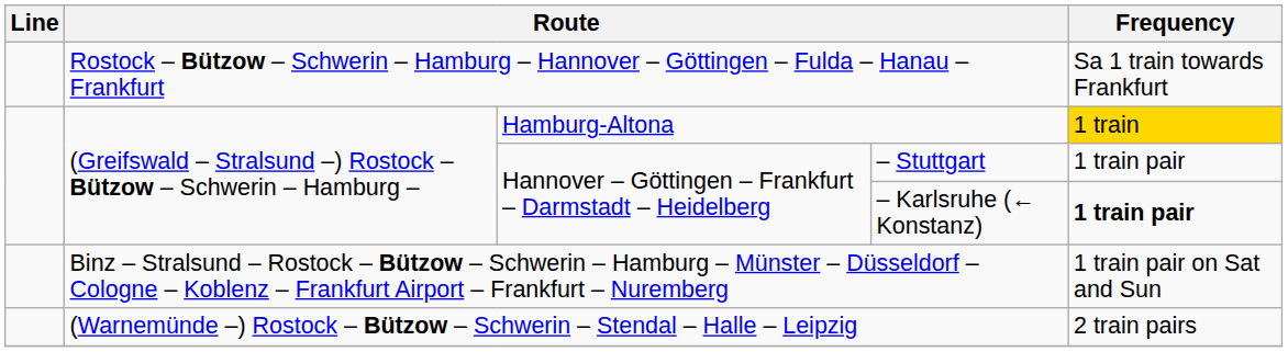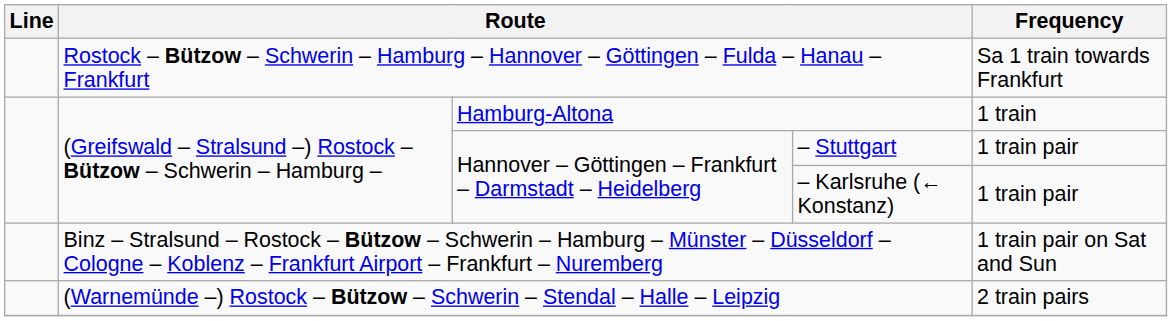 <table class="wikitable">
 <tr>
 <th>Line</th>
 <th colspan="3">Route</th>
 <th>Frequency</th>
 </tr>
 <tr>
 <td></td>
 <td colspan="3"><a href='#'>Rostock</a> – <strong>Bützow</strong> – <a href='#'>Schwerin</a> – <a href='#'>Hamburg</a> – <a href='#'>Hannover</a> – <a href='#'>Göttingen</a> – <a href='#'>Fulda</a> – <a href='#'>Hanau</a> – <a href='#'>Frankfurt</a></td>
 <td>Sa 1 train towards Frankfurt</td>
 </tr>
 <tr>
 <td rowspan="3" align="center"></td>
 <td rowspan="3">(<a href='#'>Greifswald</a> – <a href='#'>Stralsund</a> –) <a href='#'>Rostock</a> – <strong>Bützow</strong> – Schwerin – Hamburg –</td>
 <td colspan="2"><a href='#'>Hamburg-Altona</a></td>
-<td style="background: gold;">1 train</td>
+<td>1 train</td>
 </tr>
 <tr>
 <td rowspan="2">Hannover – Göttingen – Frankfurt – <a href='#'>Darmstadt</a> – <a href='#'>Heidelberg</a></td>
 <td>– <a href='#'>Stuttgart</a></td>
 <td>1 train pair</td>
 </tr>
 <tr>
 <td>– Karlsruhe (← Konstanz)</td>
-<td><strong>1 train pair</strong></td>
+<td>1 train pair</td>
 </tr>
 <tr>
 <td align="center"></td>
 <td colspan="3">Binz – Stralsund – Rostock – <strong>Bützow</strong> – Schwerin – Hamburg – <a href='#'>Münster</a> – <a href='#'>Düsseldorf</a> – <a href='#'>Cologne</a> – <a href='#'>Koblenz</a> – <a href='#'>Frankfurt Airport</a> – Frankfurt – <a href='#'>Nuremberg</a></td>
 <td>1 train pair on Sat and Sun</td>
 </tr>
 <tr>
 <td align="center"></td>
 <td colspan="3">(<a href='#'>Warnemünde</a> –) <a href='#'>Rostock</a> – <strong>Bützow</strong> – <a href='#'>Schwerin</a> – <a href='#'>Stendal</a> – <a href='#'>Halle</a> – <a href='#'>Leipzig</a></td>
 <td>2 train pairs</td>
 </tr>
 <tr>
 </tr>
 </table>
